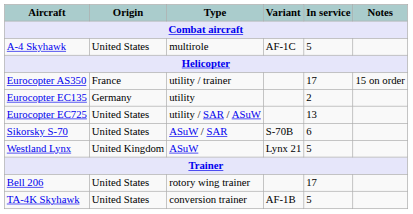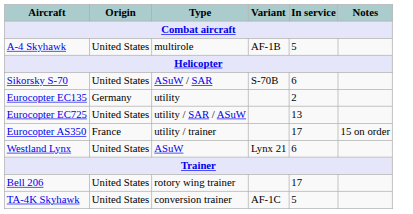 <table class="wikitable">
 <tr>
 <th style="text-align:center; background:#acc;">Aircraft</th>
 <th style="text-align: center; background:#acc;">Origin</th>
 <th style="text-align:l center; background:#acc;">Type</th>
 <th style="text-align:left; background:#acc;">Variant</th>
 <th style="text-align:center; background:#acc;">In service</th>
 <th style="text-align: center; background:#acc;">Notes</th>
 </tr>
 <tr>
 <th colspan="6" style="align: center; background: lavender;"><a href='#'>Combat aircraft</a></th>
 </tr>
 <tr>
 <td><a href='#'>A-4 Skyhawk</a></td>
 <td>United States</td>
 <td>multirole</td>
-<td>AF-1C</td>
+<td>AF-1B</td>
 <td>5</td>
 <td></td>
 </tr>
 <tr>
 <th colspan="6" style="align: center; background: lavender;"><a href='#'>Helicopter</a></th>
 </tr>
 <tr>
-<td><a href='#'>Eurocopter AS350</a></td>
-<td>France</td>
-<td>utility / trainer</td>
+<td><a href='#'>Sikorsky S-70</a></td>
+<td>United States</td>
+<td><a href='#'>ASuW</a> / <a href='#'>SAR</a></td>
+<td>S-70B</td>
+<td>6</td>
 <td></td>
-<td>17</td>
-<td>15 on order</td>
 </tr>
 <tr>
 <td><a href='#'>Eurocopter EC135</a></td>
 <td>Germany</td>
 <td>utility</td>
 <td></td>
 <td>2</td>
 <td></td>
 </tr>
 <tr>
 <td><a href='#'>Eurocopter EC725</a></td>
 <td>United States</td>
 <td>utility / <a href='#'>SAR</a> / <a href='#'>ASuW</a></td>
 <td></td>
 <td>13</td>
 <td></td>
 </tr>
 <tr>
-<td><a href='#'>Sikorsky S-70</a></td>
-<td>United States</td>
-<td><a href='#'>ASuW</a> / <a href='#'>SAR</a></td>
-<td>S-70B</td>
-<td>6</td>
+<td><a href='#'>Eurocopter AS350</a></td>
+<td>France</td>
+<td>utility / trainer</td>
 <td></td>
+<td>17</td>
+<td>15 on order</td>
 </tr>
 <tr>
 <td><a href='#'>Westland Lynx</a></td>
-<td>United Kingdom</td>
+<td>United States</td>
 <td><a href='#'>ASuW</a></td>
 <td>Lynx 21</td>
-<td>5</td>
+<td>6</td>
 <td></td>
 </tr>
 <tr>
 <th colspan="6" style="align: center; background: lavender;"><a href='#'>Trainer</a></th>
 </tr>
 <tr>
 <td><a href='#'>Bell 206</a></td>
 <td>United States</td>
 <td>rotory wing trainer</td>
 <td></td>
 <td>17</td>
 <td></td>
 </tr>
 <tr>
 <td><a href='#'>TA-4K Skyhawk</a></td>
 <td>United States</td>
 <td>conversion trainer</td>
-<td>AF-1B</td>
+<td>AF-1C</td>
 <td>5</td>
 <td></td>
 </tr>
 </table>
